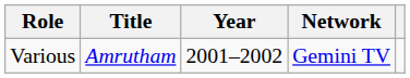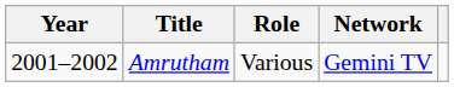 <table class="wikitable">
 <tr>
+<th scope="col">Year</th>
+<th scope="col">Title</th>
 <th scope="col">Role</th>
-<th scope="col">Title</th>
-<th scope="col">Year</th>
 <th scope="col">Network</th>
 <th class="unsortable" scope="col"></th>
 </tr>
 <tr>
+<td>2001–2002</td>
+<td><a href='#'><em>Amrutham</em></a></td>
 <td>Various</td>
-<td><a href='#'><em>Amrutham</em></a></td>
-<td>2001–2002</td>
 <td><a href='#'>Gemini TV</a></td>
 <td><br>   </td>
 </tr>
 </table>
